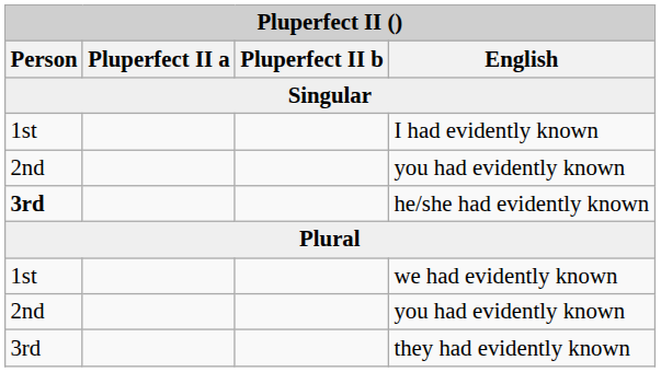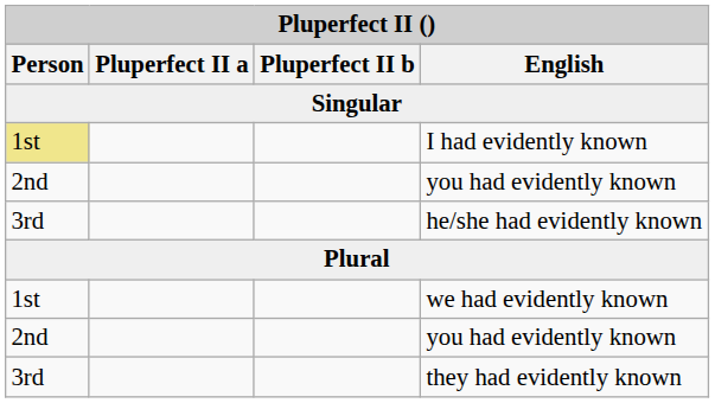 <table class="wikitable">
 <tr>
 <th colspan="4" style="background:#cfcfcf;">Pluperfect II ()</th>
 </tr>
 <tr style="background:#dfdfdf;" |>
 <th>Person</th>
 <th>Pluperfect II a</th>
 <th>Pluperfect II b</th>
 <th>English</th>
 </tr>
 <tr>
 <th colspan="4" style="background:#efefef">Singular</th>
 </tr>
 <tr>
-<td>1st</td>
+<td style="background: khaki;">1st</td>
 <td></td>
 <td></td>
 <td>I had evidently known</td>
 </tr>
 <tr>
 <td>2nd</td>
 <td></td>
 <td></td>
 <td>you had evidently known</td>
 </tr>
 <tr>
-<td><strong>3rd</strong></td>
+<td>3rd</td>
 <td></td>
 <td></td>
 <td>he/she had evidently known</td>
 </tr>
 <tr>
 <th colspan="4" style="background:#efefef">Plural</th>
 </tr>
 <tr>
 <td>1st</td>
 <td></td>
 <td></td>
 <td>we had evidently known</td>
 </tr>
 <tr>
 <td>2nd</td>
 <td></td>
 <td></td>
 <td>you had evidently known</td>
 </tr>
 <tr>
 <td>3rd</td>
 <td></td>
 <td></td>
 <td>they had evidently known</td>
 </tr>
 </table>
